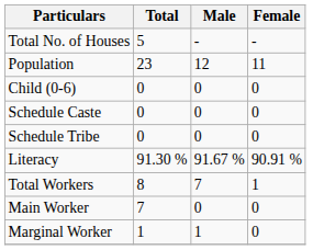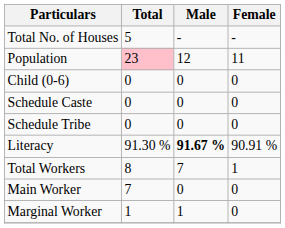 <table class="wikitable sortable">
 <tr>
 <th>Particulars</th>
 <th>Total</th>
 <th>Male</th>
 <th>Female</th>
 </tr>
 <tr>
 <td>Total No. of Houses</td>
 <td>5</td>
 <td>-</td>
 <td>-</td>
 </tr>
 <tr>
 <td>Population</td>
-<td>23</td>
+<td style="background: pink;">23</td>
 <td>12</td>
 <td>11</td>
 </tr>
 <tr>
 <td>Child (0-6)</td>
 <td>0</td>
 <td>0</td>
 <td>0</td>
 </tr>
 <tr>
 <td>Schedule Caste</td>
 <td>0</td>
 <td>0</td>
 <td>0</td>
 </tr>
 <tr>
 <td>Schedule Tribe</td>
 <td>0</td>
 <td>0</td>
 <td>0</td>
 </tr>
 <tr>
 <td>Literacy</td>
 <td>91.30 %</td>
-<td>91.67 %</td>
+<td><strong>91.67 %</strong></td>
 <td>90.91 %</td>
 </tr>
 <tr>
 <td>Total Workers</td>
 <td>8</td>
 <td>7</td>
 <td>1</td>
 </tr>
 <tr>
 <td>Main Worker</td>
 <td>7</td>
 <td>0</td>
 <td>0</td>
 </tr>
 <tr>
 <td>Marginal Worker</td>
 <td>1</td>
 <td>1</td>
 <td>0</td>
 </tr>
 <tr>
 </tr>
 </table>
